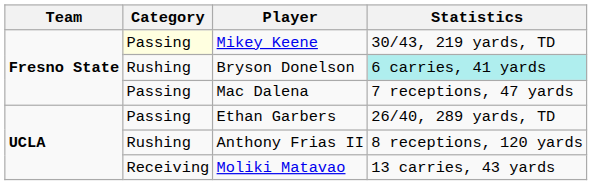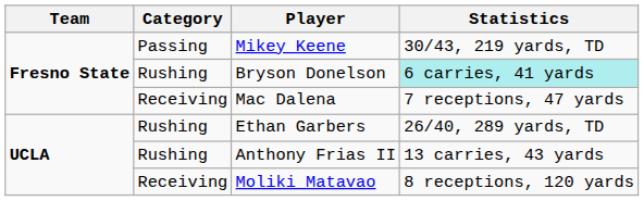 <table class="wikitable" style="float: right;">
 <tr>
 <th>Team</th>
 <th>Category</th>
 <th>Player</th>
 <th>Statistics</th>
 </tr>
 <tr>
 <td rowspan=3><strong>Fresno State</strong></td>
-<td style="background: lightyellow;">Passing</td>
+<td>Passing</td>
 <td><a href='#'>Mikey Keene</a></td>
 <td>30/43, 219 yards, TD</td>
 </tr>
 <tr>
 <td>Rushing</td>
 <td>Bryson Donelson</td>
 <td style="background: paleturquoise;">6 carries, 41 yards</td>
 </tr>
 <tr>
-<td>Passing</td>
+<td>Receiving</td>
 <td>Mac Dalena</td>
 <td>7 receptions, 47 yards</td>
 </tr>
 <tr>
 <td rowspan=3><strong>UCLA</strong></td>
-<td>Passing</td>
+<td>Rushing</td>
 <td>Ethan Garbers</td>
 <td>26/40, 289 yards, TD</td>
 </tr>
 <tr>
 <td>Rushing</td>
 <td>Anthony Frias II</td>
-<td>8 receptions, 120 yards</td>
+<td>13 carries, 43 yards</td>
 </tr>
 <tr>
 <td>Receiving</td>
 <td><a href='#'>Moliki Matavao</a></td>
-<td>13 carries, 43 yards</td>
+<td>8 receptions, 120 yards</td>
 </tr>
 </table>
